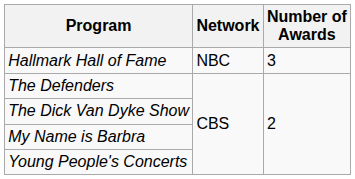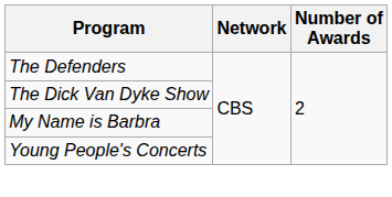 <table class="wikitable">
 <tr>
 <th>Program</th>
 <th>Network</th>
 <th>Number of<br>Awards</th>
-</tr>
-<tr>
-<td><em>Hallmark Hall of Fame</em></td>
-<td>NBC</td>
-<td>3</td>
 </tr>
 <tr>
 <td><em>The Defenders</em></td>
 <td rowspan="4">CBS</td>
 <td rowspan="4">2</td>
 </tr>
 <tr>
 <td><em>The Dick Van Dyke Show</em></td>
 </tr>
 <tr>
 <td><em>My Name is Barbra</em></td>
 </tr>
 <tr>
 <td><em>Young People's Concerts</em></td>
 </tr>
 </table>
